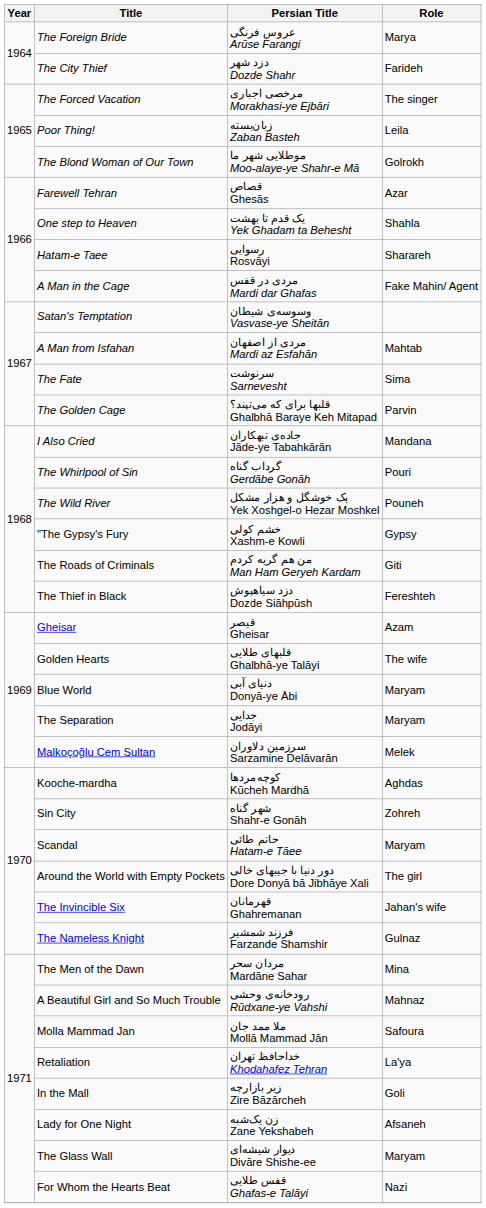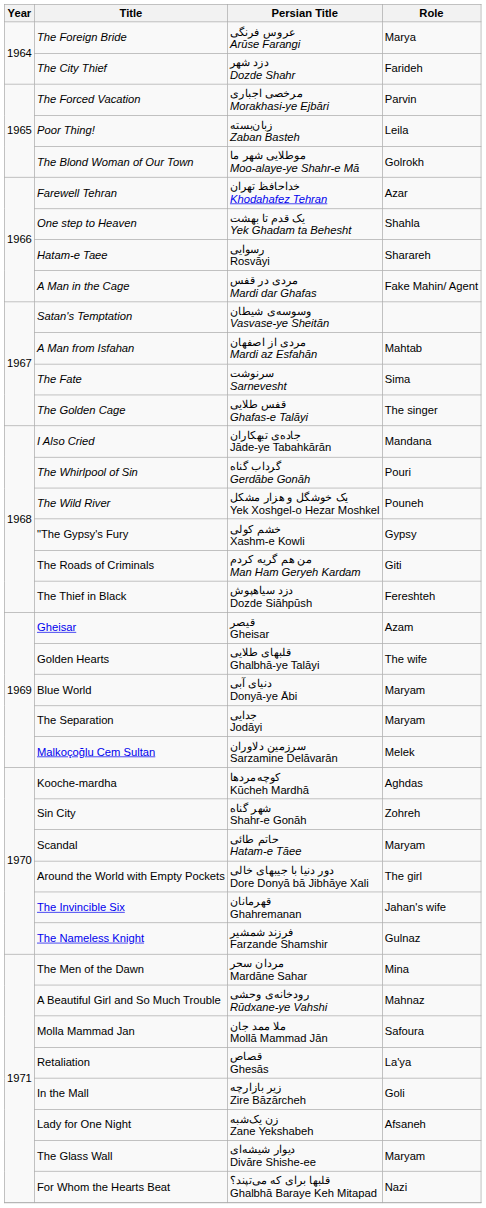 <table class="wikitable">
 <tr>
 <th>Year</th>
 <th>Title</th>
 <th>Persian Title</th>
 <th>Role</th>
 </tr>
 <tr>
 <td rowspan="2">1964</td>
 <td><em>The Foreign Bride</em></td>
 <td>عروس فرنگی <br> <em>Arūse Farangi</em></td>
 <td>Marya</td>
 </tr>
 <tr>
 <td><em>The City Thief</em></td>
 <td>دزد شهر <br> <em>Dozde Shahr</em></td>
 <td>Farideh</td>
 </tr>
 <tr>
 <td rowspan="3">1965</td>
 <td><em>The Forced Vacation</em></td>
 <td>مرخصی اجباری <br> <em>Morakhasi-ye Ejbāri</em></td>
-<td>The singer</td>
+<td>Parvin</td>
 </tr>
 <tr>
 <td><em>Poor Thing!</em></td>
 <td>زبان‌بسته <br> <em>Zaban Basteh</em></td>
 <td>Leila</td>
 </tr>
 <tr>
 <td><em>The Blond Woman of Our Town</em></td>
 <td>موطلایی شهر ما <br> <em>Moo-alaye-ye Shahr-e Mā</em></td>
 <td>Golrokh</td>
 </tr>
 <tr>
 <td rowspan="4">1966</td>
 <td><em>Farewell Tehran </em></td>
-<td>قصاص <br> </em>Ghesās<em></td>
+<td>خداحافظ تهران <br> <em><a href='#'>Khodahafez Tehran</a></em></td>
 <td>Azar</td>
 </tr>
 <tr>
 <td><em>One step to Heaven</em></td>
 <td>یک قدم تا بهشت <br> <em>Yek Ghadam ta Behesht</em></td>
 <td>Shahla</td>
 </tr>
 <tr>
 <td><em>Hatam-e Taee</em></td>
 <td>رسوایی<br> </em>Rosvāyi<em></td>
 <td>Sharareh</td>
 </tr>
 <tr>
 <td><em>A Man in the Cage </em></td>
 <td>مردی در قفس <br> <em>Mardi dar Ghafas</em></td>
 <td>Fake Mahin/ Agent</td>
 </tr>
 <tr>
 <td rowspan="4">1967</td>
 <td><em>Satan's Temptation </em></td>
 <td>وسوسه‌ی شیطان <br> <em>Vasvase-ye Sheitān</em></td>
 <td></td>
 </tr>
 <tr>
 <td><em>A Man from Isfahan</em></td>
 <td>مردی از اصفهان <br> <em>Mardi az Esfahān</em></td>
 <td>Mahtab</td>
 </tr>
 <tr>
 <td><em>The Fate</em></td>
 <td>سرنوشت <br> <em>Sarnevesht</em></td>
 <td>Sima</td>
 </tr>
 <tr>
 <td><em>The Golden Cage</em></td>
-<td>قلبها برای که می‌تپند؟ <br> </em>Ghalbhā Baraye Keh Mitapad<em></td>
-<td>Parvin</td>
+<td>قفس طلایی <br> <em>Ghafas-e Talāyi</em></td>
+<td>The singer</td>
 </tr>
 <tr>
 <td rowspan="6">1968</td>
 <td><em>I Also Cried</em></td>
 <td>جاده‌ی تبهکاران <br> </em>Jāde-ye Tabahkārān<em></td>
 <td>Mandana</td>
 </tr>
 <tr>
 <td><em>The Whirlpool of Sin</em></td>
 <td>گرداب گناه <br> <em>Gerdābe Gonāh</em></td>
 <td>Pouri</td>
 </tr>
 <tr>
 <td><em>The Wild River</em></td>
 <td>یک خوشگل و هزار مشکل <br> </em>Yek Xoshgel-o Hezar Moshkel<em></td>
 <td>Pouneh</td>
 </tr>
 <tr>
 <td>"The Gypsy's Fury<em></td>
 <td>خشم کولی <br> </em>Xashm-e Kowli<em></td>
 <td>Gypsy</td>
 </tr>
 <tr>
 <td></em>The Roads of Criminals<em></td>
 <td>من هم گریه کردم <br> <em>Man Ham Geryeh Kardam</em></td>
 <td>Giti</td>
 </tr>
 <tr>
 <td></em>The Thief in Black<em></td>
 <td>دزد سیاهپوش <br> </em>Dozde Siāhpūsh<em></td>
 <td>Fereshteh</td>
 </tr>
 <tr>
 <td rowspan="5">1969</td>
 <td></em><a href='#'>Gheisar</a><em></td>
 <td>قیصر <br> </em>Gheisar<em></td>
 <td>Azam</td>
 </tr>
 <tr>
 <td></em>Golden Hearts<em></td>
 <td>قلبهای طلایی <br> </em>Ghalbhā-ye Talāyi<em></td>
 <td>The wife</td>
 </tr>
 <tr>
 <td></em>Blue World<em></td>
 <td>دنیای آبی <br> </em>Donyā-ye Ābi<em></td>
 <td>Maryam</td>
 </tr>
 <tr>
 <td></em>The Separation<em></td>
 <td>جدایی <br> </em>Jodāyi<em></td>
 <td>Maryam</td>
 </tr>
 <tr>
 <td></em><a href='#'>Malkoçoğlu Cem Sultan</a><em></td>
 <td>سرزمین دلاوران <br></em>Sarzamine Delāvarān<em></td>
 <td>Melek</td>
 </tr>
 <tr>
 <td rowspan="6">1970</td>
 <td></em>Kooche-mardha<em></td>
 <td>کوچه‌مردها <br> </em>Kūcheh Mardhā<em></td>
 <td>Aghdas</td>
 </tr>
 <tr>
 <td></em>Sin City<em></td>
 <td>شهر گناه <br> </em>Shahr-e Gonāh<em></td>
 <td>Zohreh</td>
 </tr>
 <tr>
 <td></em>Scandal<em></td>
 <td>حاتم طائی <br> <em>Hatam-e Tāee</em></td>
 <td>Maryam</td>
 </tr>
 <tr>
 <td></em>Around the World with Empty Pockets<em></td>
 <td>دور دنیا با جیبهای خالی<br></em>Dore Donyā bā Jibhāye Xali<em></td>
 <td>The girl</td>
 </tr>
 <tr>
 <td></em><a href='#'>The Invincible Six</a><em></td>
 <td>قهرمانان <br> </em>Ghahremanan<em></td>
 <td>Jahan's wife</td>
 </tr>
 <tr>
 <td></em><a href='#'>The Nameless Knight</a><em></td>
 <td>فرزند شمشیر <br> </em>Farzande Shamshir<em></td>
 <td>Gulnaz</td>
 </tr>
 <tr>
 <td rowspan="8">1971</td>
 <td></em>The Men of the Dawn<em></td>
 <td>مردان سحر <br> </em>Mardāne Sahar<em></td>
 <td>Mina</td>
 </tr>
 <tr>
 <td></em>A Beautiful Girl and So Much Trouble<em></td>
 <td>رودخانه‌ی وحشی <br> <em>Rūdxane-ye Vahshi</em></td>
 <td>Mahnaz</td>
 </tr>
 <tr>
 <td></em>Molla Mammad Jan<em></td>
 <td>ملا ممد جان <br> </em>Mollā Mammad Jān<em></td>
 <td>Safoura</td>
 </tr>
 <tr>
 <td></em>Retaliation<em></td>
-<td>خداحافظ تهران <br> <em><a href='#'>Khodahafez Tehran</a></em></td>
+<td>قصاص <br> </em>Ghesās<em></td>
 <td>La'ya</td>
 </tr>
 <tr>
 <td></em>In the Mall<em></td>
 <td>زیر بازارچه <br> </em>Zire Bāzārcheh<em></td>
 <td>Goli</td>
 </tr>
 <tr>
 <td></em>Lady for One Night<em></td>
 <td>زن یک‌شبه <br> </em>Zane Yekshabeh<em></td>
 <td>Afsaneh</td>
 </tr>
 <tr>
 <td></em>The Glass Wall<em></td>
 <td>دیوار شیشه‌ای <br> </em>Divāre Shishe-ee<em></td>
 <td>Maryam</td>
 </tr>
 <tr>
 <td></em>For Whom the Hearts Beat <em></td>
-<td>قفس طلایی <br> <em>Ghafas-e Talāyi</em></td>
+<td>قلبها برای که می‌تپند؟ <br> </em>Ghalbhā Baraye Keh Mitapad<em></td>
 <td>Nazi</td>
 </tr>
 <tr>
 </tr>
 </table>
